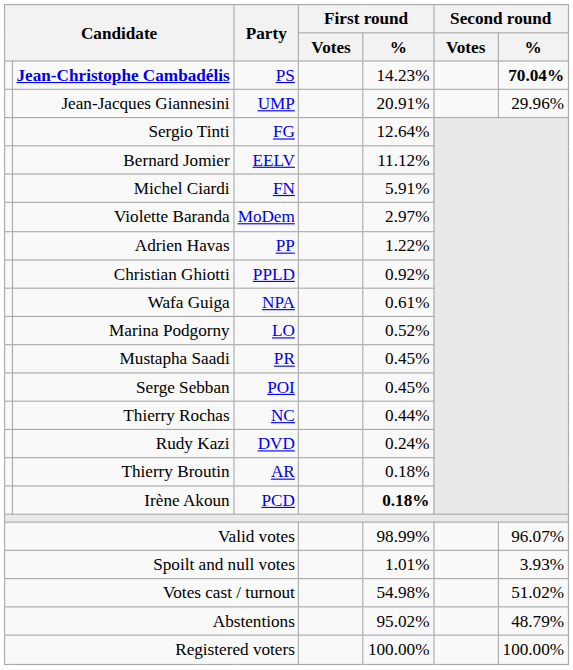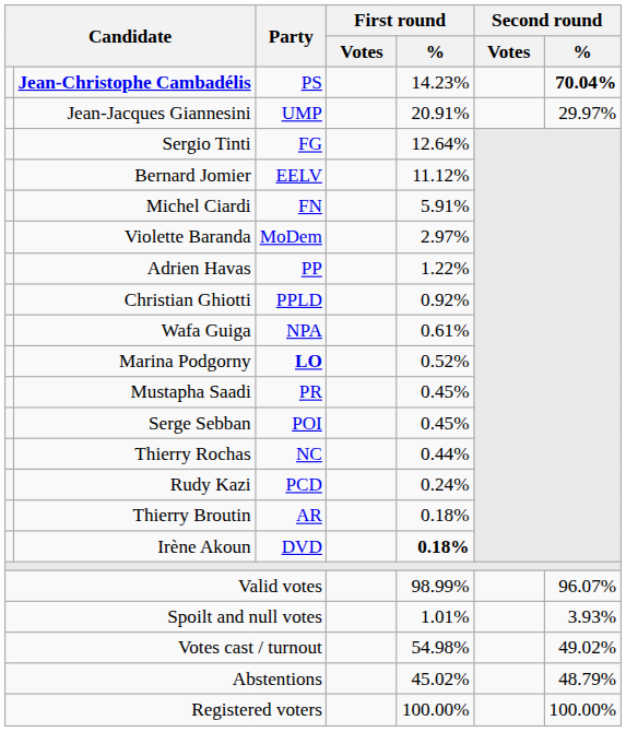 <table class="wikitable" style="text-align:right;font-size:95%;">
 <tr>
 <th rowspan=2 colspan=2>Candidate</th>
 <th rowspan=2 colspan=1>Party</th>
 <th colspan=2>First round</th>
 <th colspan=2>Second round</th>
 </tr>
 <tr>
 <th style="width:50px;">Votes</th>
 <th style="width:55px;">%</th>
 <th style="width:50px;">Votes</th>
 <th style="width:55px;">%</th>
 </tr>
 <tr>
 <td style="color:inherit;background-color:"></td>
 <td><strong><a href='#'>Jean-Christophe Cambadélis</a></strong></td>
 <td><a href='#'>PS</a></td>
 <td></td>
 <td>14.23%</td>
 <td><strong></strong></td>
 <td><strong>70.04%</strong></td>
 </tr>
 <tr>
 <td style="color:inherit;background-color:"></td>
 <td>Jean-Jacques Giannesini</td>
 <td><a href='#'>UMP</a></td>
 <td></td>
 <td>20.91%</td>
 <td></td>
-<td>29.96%</td>
+<td>29.97%</td>
 </tr>
 <tr>
 <td style="color:inherit;background-color:"></td>
 <td>Sergio Tinti</td>
 <td><a href='#'>FG</a></td>
 <td></td>
 <td>12.64%</td>
 <td colspan=7 rowspan=14 style="background-color:#E9E9E9;"></td>
 </tr>
 <tr>
 <td style="color:inherit;background-color:"></td>
 <td>Bernard Jomier</td>
 <td><a href='#'>EELV</a></td>
 <td></td>
 <td>11.12%</td>
 </tr>
 <tr>
 <td style="color:inherit;background-color:"></td>
 <td>Michel Ciardi</td>
 <td><a href='#'>FN</a></td>
 <td></td>
 <td>5.91%</td>
 </tr>
 <tr>
 <td style="color:inherit;background-color:"></td>
 <td>Violette Baranda</td>
 <td><a href='#'>MoDem</a></td>
 <td></td>
 <td>2.97%</td>
 </tr>
 <tr>
 <td style="color:inherit;background-color:"></td>
 <td>Adrien Havas</td>
 <td><a href='#'>PP</a></td>
 <td></td>
 <td>1.22%</td>
 </tr>
 <tr>
 <td style="color:inherit;background-color:"></td>
 <td>Christian Ghiotti</td>
 <td><a href='#'>PPLD</a></td>
 <td></td>
 <td>0.92%</td>
 </tr>
 <tr>
 <td style="color:inherit;background-color:"></td>
 <td>Wafa Guiga</td>
 <td><a href='#'>NPA</a></td>
 <td></td>
 <td>0.61%</td>
 </tr>
 <tr>
 <td style="color:inherit;background-color:"></td>
 <td>Marina Podgorny</td>
-<td><a href='#'>LO</a></td>
+<td><strong><a href='#'>LO</a></strong></td>
 <td></td>
 <td>0.52%</td>
 </tr>
 <tr>
 <td style="color:inherit;background-color:"></td>
 <td>Mustapha Saadi</td>
 <td><a href='#'>PR</a></td>
 <td></td>
 <td>0.45%</td>
 </tr>
 <tr>
 <td style="color:inherit;background-color:"></td>
 <td>Serge Sebban</td>
 <td><a href='#'>POI</a></td>
 <td></td>
 <td>0.45%</td>
 </tr>
 <tr>
 <td style="color:inherit;background-color:"></td>
 <td>Thierry Rochas</td>
 <td><a href='#'>NC</a></td>
 <td></td>
 <td>0.44%</td>
 </tr>
 <tr>
 <td style="color:inherit;background-color:"></td>
 <td>Rudy Kazi</td>
-<td><a href='#'>DVD</a> </td>
+<td><a href='#'>PCD</a></td>
 <td></td>
 <td>0.24%</td>
 </tr>
 <tr>
 <td style="color:inherit;background-color:"></td>
 <td>Thierry Broutin</td>
 <td><a href='#'>AR</a></td>
 <td></td>
 <td>0.18%</td>
 </tr>
 <tr>
 <td style="color:inherit;background-color:"></td>
 <td>Irène Akoun</td>
-<td><a href='#'>PCD</a></td>
+<td><a href='#'>DVD</a> </td>
 <td></td>
 <td><strong>0.18%</strong></td>
 </tr>
 <tr>
 <td colspan=7 style="background-color:#E9E9E9;"></td>
 </tr>
 <tr>
 <td colspan=3>Valid votes</td>
 <td></td>
 <td>98.99%</td>
 <td></td>
 <td>96.07%</td>
 </tr>
 <tr>
 <td colspan=3>Spoilt and null votes</td>
 <td></td>
 <td>1.01%</td>
 <td></td>
 <td>3.93%</td>
 </tr>
 <tr>
 <td colspan=3>Votes cast / turnout</td>
 <td></td>
 <td>54.98%</td>
 <td></td>
-<td>51.02%</td>
+<td>49.02%</td>
 </tr>
 <tr>
 <td colspan=3>Abstentions</td>
 <td></td>
-<td>95.02%</td>
+<td>45.02%</td>
 <td></td>
 <td>48.79%</td>
 </tr>
 <tr>
 <td colspan=3>Registered voters</td>
 <td></td>
 <td>100.00%</td>
 <td></td>
 <td>100.00%</td>
 </tr>
 </table>
